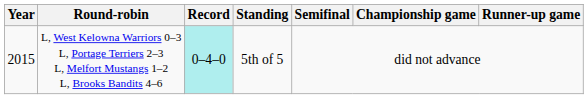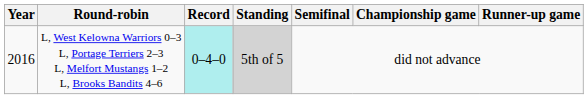 <table class="wikitable" style="text-align:center">
 <tr>
 <th>Year</th>
 <th>Round-robin</th>
 <th>Record</th>
 <th>Standing</th>
 <th>Semifinal</th>
 <th>Championship game</th>
 <th>Runner-up game</th>
 </tr>
 <tr>
-<td>2015</td>
+<td>2016</td>
 <td><small>L, <a href='#'>West Kelowna Warriors</a> 0–3<br>L, <a href='#'>Portage Terriers</a> 2–3<br>L, <a href='#'>Melfort Mustangs</a> 1–2<br>L, <a href='#'>Brooks Bandits</a> 4–6</small></td>
 <td style="background: paleturquoise;">0–4–0</td>
-<td>5th of 5</td>
+<td style="background: lightgrey;">5th of 5</td>
 <td colspan=3>did not advance</td>
 </tr>
 </table>
